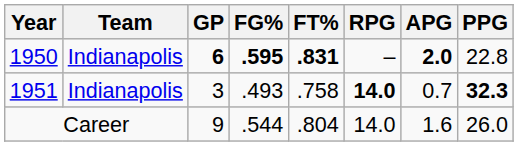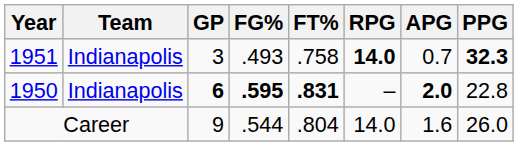 <table class="wikitable sortable" style="font-size:95%; text-align:right;">
 <tr>
 <th>Year</th>
 <th>Team</th>
 <th>GP</th>
 <th>FG%</th>
 <th>FT%</th>
 <th>RPG</th>
 <th>APG</th>
 <th>PPG</th>
 </tr>
 <tr>
+<td style="text-align:left;"><a href='#'>1951</a></td>
+<td style="text-align:left;"><a href='#'>Indianapolis</a></td>
+<td>3</td>
+<td>.493</td>
+<td>.758</td>
+<td><strong>14.0</strong></td>
+<td>0.7</td>
+<td><strong>32.3</strong></td>
+</tr>
+<tr>
 <td style="text-align:left;"><a href='#'>1950</a></td>
 <td style="text-align:left;"><a href='#'>Indianapolis</a></td>
 <td><strong>6</strong></td>
 <td><strong>.595</strong></td>
 <td><strong>.831</strong></td>
 <td>–</td>
 <td><strong>2.0</strong></td>
 <td>22.8</td>
-</tr>
-<tr>
-<td style="text-align:left;"><a href='#'>1951</a></td>
-<td style="text-align:left;"><a href='#'>Indianapolis</a></td>
-<td>3</td>
-<td>.493</td>
-<td>.758</td>
-<td><strong>14.0</strong></td>
-<td>0.7</td>
-<td><strong>32.3</strong></td>
 </tr>
 <tr class="sortbottom">
 <td colspan="2" style="text-align:center;">Career</td>
 <td>9</td>
 <td>.544</td>
 <td>.804</td>
 <td>14.0</td>
 <td>1.6</td>
 <td>26.0</td>
 </tr>
 </table>
